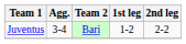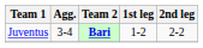 <table class="wikitable" style="text-align: center">
 <tr>
 <th>Team 1</th>
 <th>Agg.</th>
 <th>Team 2</th>
 <th>1st leg</th>
 <th>2nd leg</th>
 </tr>
 <tr>
 <td><a href='#'>Juventus</a></td>
 <td>3-4</td>
-<td bgcolor="ccffcc"><a href='#'>Bari</a></td>
+<td bgcolor="ccffcc"><strong><a href='#'>Bari</a></strong></td>
 <td>1-2</td>
 <td>2-2</td>
 </tr>
 <tr>
 </tr>
 </table>
